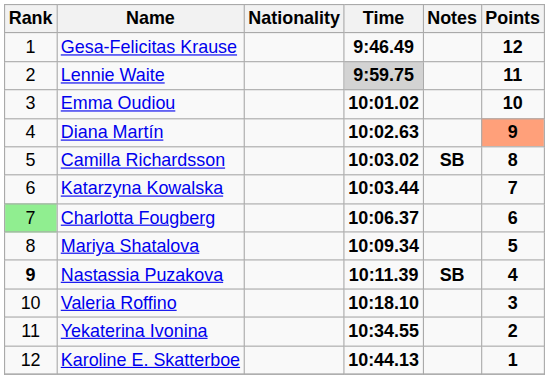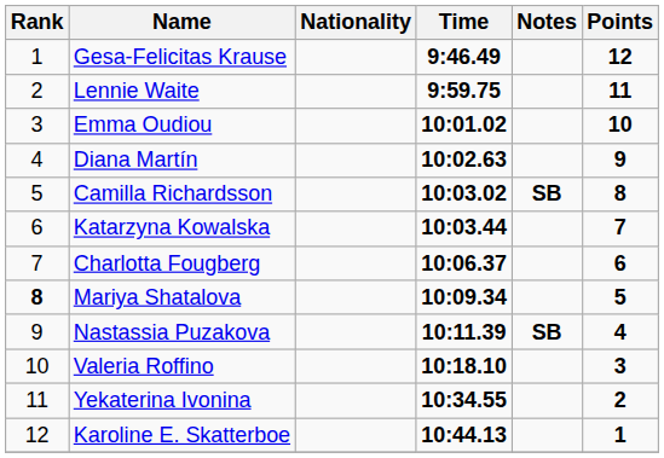 <table class="wikitable sortable" style="text-align:center">
 <tr>
 <th>Rank</th>
 <th>Name</th>
 <th>Nationality</th>
 <th>Time</th>
 <th>Notes</th>
 <th>Points</th>
 </tr>
 <tr>
 <td>1</td>
 <td align=left><a href='#'>Gesa-Felicitas Krause</a></td>
 <td align=left></td>
 <td><strong>9:46.49</strong></td>
 <td></td>
 <td><strong>12</strong></td>
 </tr>
 <tr>
 <td>2</td>
 <td align=left><a href='#'>Lennie Waite</a></td>
 <td align=left></td>
-<td style="background: lightgrey;"><strong>9:59.75</strong></td>
+<td><strong>9:59.75</strong></td>
 <td></td>
 <td><strong>11</strong></td>
 </tr>
 <tr>
 <td>3</td>
 <td align=left><a href='#'>Emma Oudiou</a></td>
 <td align=left></td>
 <td><strong>10:01.02</strong></td>
 <td></td>
 <td><strong>10</strong></td>
 </tr>
 <tr>
 <td>4</td>
 <td align=left><a href='#'>Diana Martín</a></td>
 <td align=left></td>
 <td><strong>10:02.63</strong></td>
 <td></td>
-<td style="background: lightsalmon;"><strong>9</strong></td>
+<td><strong>9</strong></td>
 </tr>
 <tr>
 <td>5</td>
 <td align=left><a href='#'>Camilla Richardsson</a></td>
 <td align=left></td>
 <td><strong>10:03.02</strong></td>
 <td><strong>SB </strong></td>
 <td><strong>8</strong></td>
 </tr>
 <tr>
 <td>6</td>
 <td align=left><a href='#'>Katarzyna Kowalska</a></td>
 <td align=left></td>
 <td><strong>10:03.44</strong></td>
 <td></td>
 <td><strong>7</strong></td>
 </tr>
 <tr>
-<td style="background: lightgreen;">7</td>
+<td>7</td>
 <td align=left><a href='#'>Charlotta Fougberg</a></td>
 <td align=left></td>
 <td><strong>10:06.37</strong></td>
 <td></td>
 <td><strong>6</strong></td>
 </tr>
 <tr>
-<td>8</td>
+<td><strong>8</strong></td>
 <td align=left><a href='#'>Mariya Shatalova</a></td>
 <td align=left></td>
 <td><strong>10:09.34</strong></td>
 <td></td>
 <td><strong>5</strong></td>
 </tr>
 <tr>
-<td><strong>9</strong></td>
+<td>9</td>
 <td align=left><a href='#'>Nastassia Puzakova</a></td>
 <td align=left></td>
 <td><strong>10:11.39</strong></td>
 <td><strong>SB </strong></td>
 <td><strong>4</strong></td>
 </tr>
 <tr>
 <td>10</td>
 <td align=left><a href='#'>Valeria Roffino</a></td>
 <td align=left></td>
 <td><strong>10:18.10</strong></td>
 <td></td>
 <td><strong>3</strong></td>
 </tr>
 <tr>
 <td>11</td>
 <td align=left><a href='#'>Yekaterina Ivonina</a></td>
 <td align=left></td>
 <td><strong>10:34.55</strong></td>
 <td></td>
 <td><strong>2</strong></td>
 </tr>
 <tr>
 <td>12</td>
 <td align=left><a href='#'>Karoline E. Skatterboe</a></td>
 <td align=left></td>
 <td><strong>10:44.13</strong></td>
 <td></td>
 <td><strong>1</strong></td>
 </tr>
 <tr>
 </tr>
 </table>
